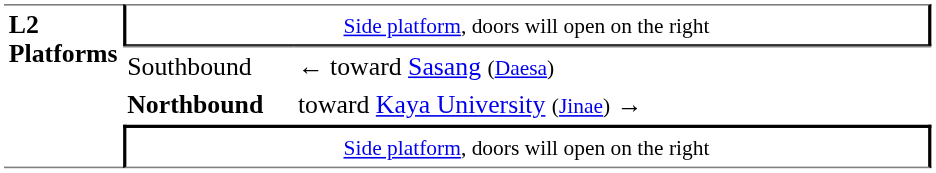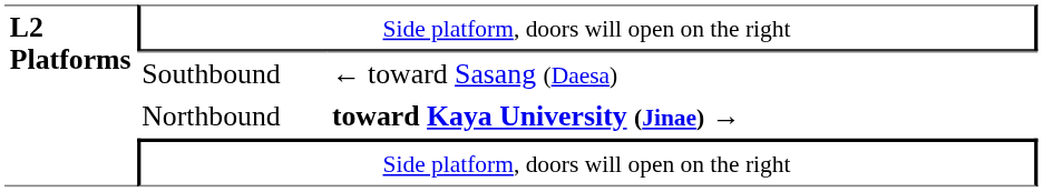 <table table border=0 cellspacing=0 cellpadding=3>
 <tr>
 <td style="border-top:solid 1px gray;border-bottom:solid 1px gray;" width=50 rowspan=10 valign=top><strong>L2<br>Platforms</strong></td>
 <td style="border-top:solid 1px gray;border-right:solid 2px black;border-left:solid 2px black;border-bottom:solid 1px black;text-align:center;" colspan=2><small><a href='#'>Side platform</a>, doors will open on the right</small></td>
 </tr>
 <tr>
 <td style="border-bottom:solid 0px gray;border-top:solid 1px gray;" width=100>Southbound</td>
 <td style="border-bottom:solid 0px gray;border-top:solid 1px gray;" width=390>←  toward <a href='#'>Sasang</a> <small>(<a href='#'>Daesa</a>)</small></td>
 </tr>
 <tr>
-<td><strong>Northbound</strong></td>
-<td>  toward <a href='#'>Kaya University</a> <small>(<a href='#'>Jinae</a>)</small> →</td>
+<td>Northbound</td>
+<td><strong>  toward <a href='#'>Kaya University</a> <small>(<a href='#'>Jinae</a>)</small> →</strong></td>
 </tr>
 <tr>
 <td style="border-top:solid 2px black;border-right:solid 2px black;border-left:solid 2px black;border-bottom:solid 1px gray;text-align:center;" colspan=2><small><a href='#'>Side platform</a>, doors will open on the right</small></td>
 </tr>
 </table>
